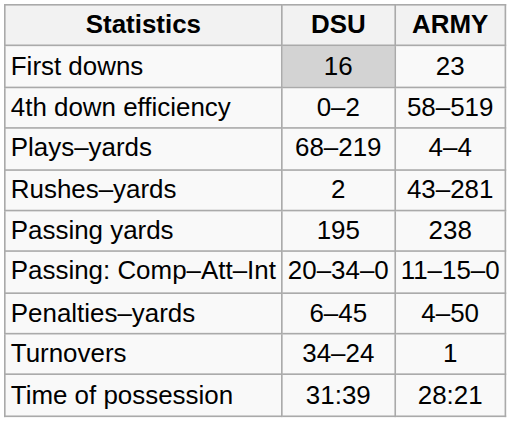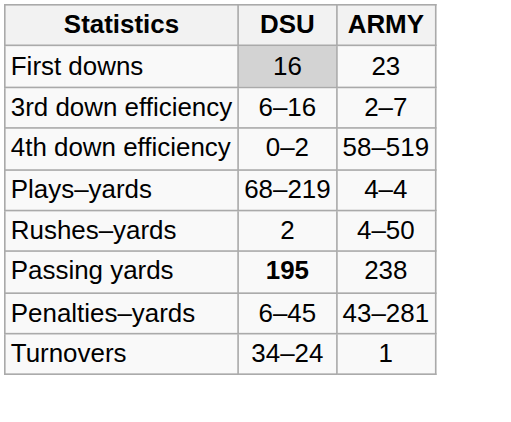 <table class="wikitable">
 <tr>
 <th>Statistics</th>
 <th>DSU</th>
 <th>ARMY</th>
 </tr>
 <tr>
 <td>First downs</td>
 <td align=center style="background: lightgrey;">16</td>
 <td align=center>23</td>
+</tr>
+<tr>
+<td>3rd down efficiency</td>
+<td align=center>6–16</td>
+<td align=center>2–7</td>
 </tr>
 <tr>
 <td>4th down efficiency</td>
 <td align=center>0–2</td>
 <td align=center>58–519</td>
 </tr>
 <tr>
 <td>Plays–yards</td>
 <td align=center>68–219</td>
 <td align=center>4–4</td>
 </tr>
 <tr>
 <td>Rushes–yards</td>
 <td align=center>2</td>
-<td align=center>43–281</td>
+<td align=center>4–50</td>
 </tr>
 <tr>
 <td>Passing yards</td>
-<td align=center>195</td>
+<td align=center><strong>195</strong></td>
 <td align=center>238</td>
-</tr>
-<tr>
-<td>Passing: Comp–Att–Int</td>
-<td align=center>20–34–0</td>
-<td align=center>11–15–0</td>
 </tr>
 <tr>
 <td>Penalties–yards</td>
 <td align=center>6–45</td>
-<td align=center>4–50</td>
+<td align=center>43–281</td>
 </tr>
 <tr>
 <td>Turnovers</td>
 <td align=center>34–24</td>
 <td align=center>1</td>
 </tr>
-<tr>
-<td>Time of possession</td>
-<td align=center>31:39</td>
-<td align=center>28:21</td>
-</tr>
 </table>
